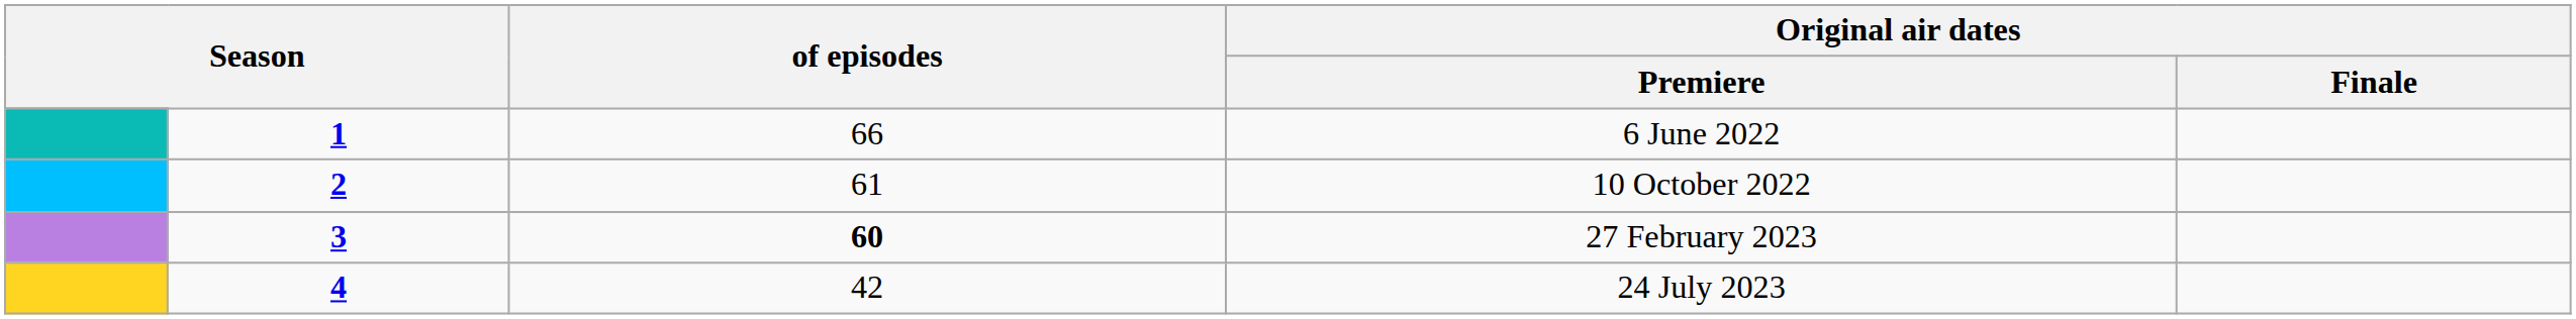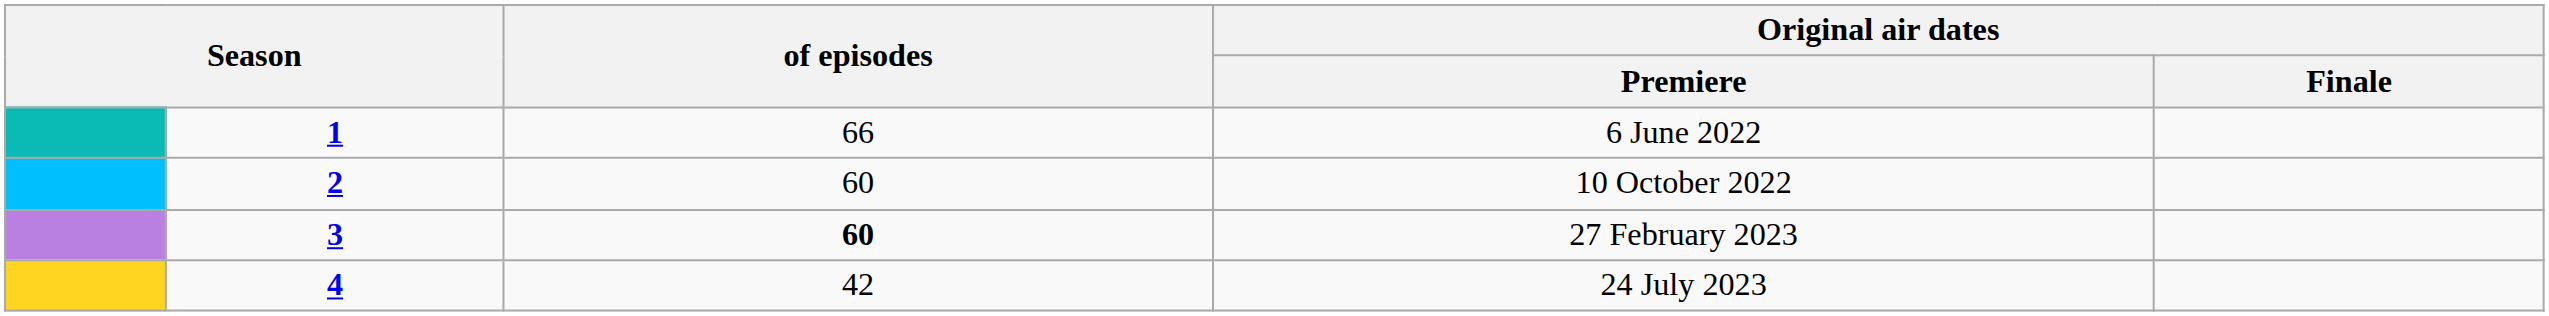 <table class="wikitable plainrowheaders" style="width:100%; margin:auto; background:#FFFFF;">
 <tr>
 <th style="padding:0 8px;" rowspan="2" colspan="2">Season</th>
 <th style="padding:0 8px;" rowspan="2"> of episodes</th>
 <th colspan="2" style="paddning:0 80px;">Original air dates</th>
 </tr>
 <tr>
 <th>Premiere</th>
 <th>Finale</th>
 </tr>
 <tr>
 <td style="background:#0abab5; color:#100; text-align:center;"></td>
 <td style="text-align:center;"><strong><a href='#'>1</a></strong></td>
 <td style="text-align:center;">66</td>
 <td style="text-align:center;">6 June 2022</td>
 <td style="text-align:center;"></td>
 </tr>
 <tr>
 <td style="background:#00bfff; color:#100; text-align:center;"></td>
 <td style="text-align:center;"><strong><a href='#'>2</a></strong></td>
-<td style="text-align:center;">61</td>
+<td style="text-align:center;">60</td>
 <td style="text-align:center;">10 October 2022</td>
 <td style="text-align:center;"></td>
 </tr>
 <tr>
 <td style="background:#B980E1; color:#100; text-align:center;"></td>
 <td style="text-align:center;"><strong><a href='#'>3</a></strong></td>
 <td style="text-align:center;"><strong>60</strong></td>
 <td style="text-align:center;">27 February 2023</td>
 <td style="text-align:center;"></td>
 </tr>
 <tr>
 <td style="background:#FFD522; color:#100; text-align:center;"></td>
 <td style="text-align:center;"><strong><a href='#'>4</a></strong></td>
 <td style="text-align:center;">42</td>
 <td style="text-align:center;">24 July 2023</td>
 <td style="text-align:center;"></td>
 </tr>
 </table>
